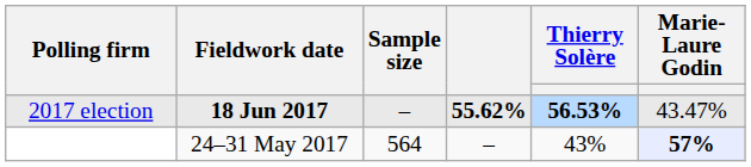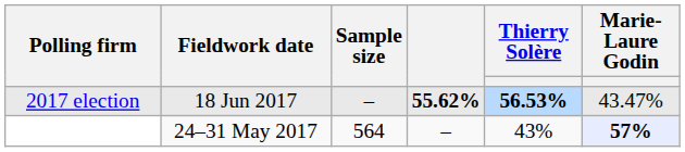 <table class="wikitable sortable" style="text-align:center;font-size:90%;line-height:14px;">
 <tr style="height:40px;">
 <th style="width:100px;" rowspan="2">Polling firm</th>
 <th style="width:110px;" rowspan="2">Fieldwork date</th>
 <th style="width:35px;" rowspan="2">Sample<br>size</th>
 <th style="width:30px;" rowspan="2"></th>
 <th class="unsortable" style="width:60px;"><a href='#'>Thierry Solère</a><br></th>
 <th class="unsortable" style="width:60px;">Marie-Laure Godin<br></th>
 </tr>
 <tr>
 <th style="background:"></th>
 <th style="background:"></th>
 </tr>
 <tr style="background:#E9E9E9;">
 <td><a href='#'>2017 election</a></td>
-<td data-sort-value="2017-06-18"><strong>18 Jun 2017</strong></td>
+<td data-sort-value="2017-06-18">18 Jun 2017</td>
 <td>–</td>
 <td><strong>55.62%</strong></td>
 <td style="background:#B9DAFF;"><strong>56.53%</strong></td>
 <td>43.47%</td>
 </tr>
 <tr>
 <td style="background:#FFFFFF;"></td>
 <td data-sort-value="2017-05-31">24–31 May 2017</td>
 <td>564</td>
 <td>–</td>
 <td>43%</td>
 <td style="background:#E7EDFE;"><strong>57%</strong></td>
 </tr>
 </table>
